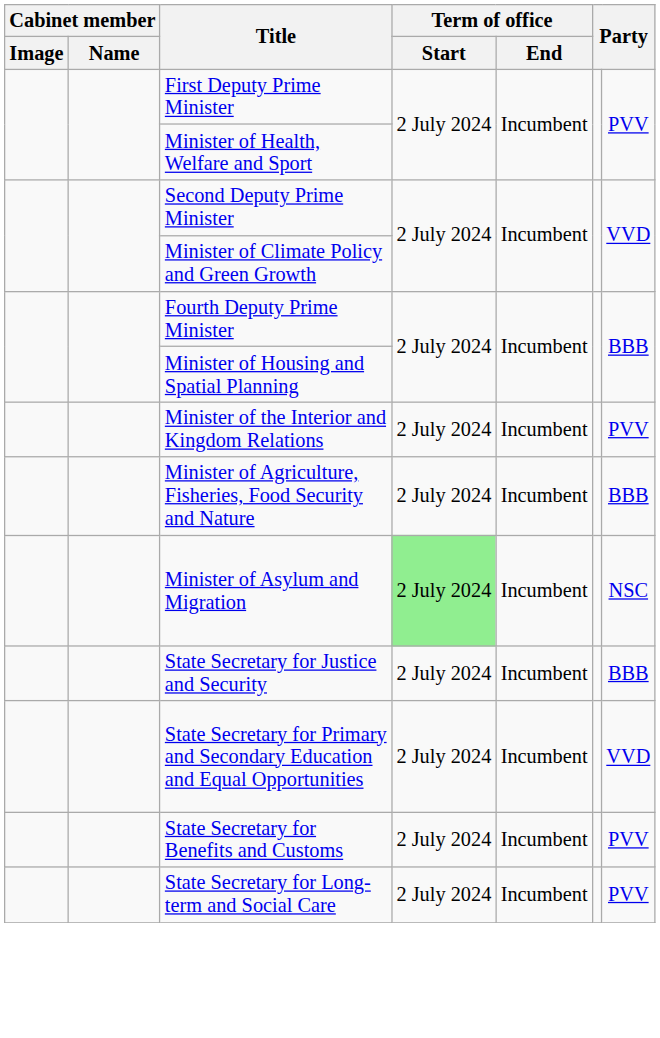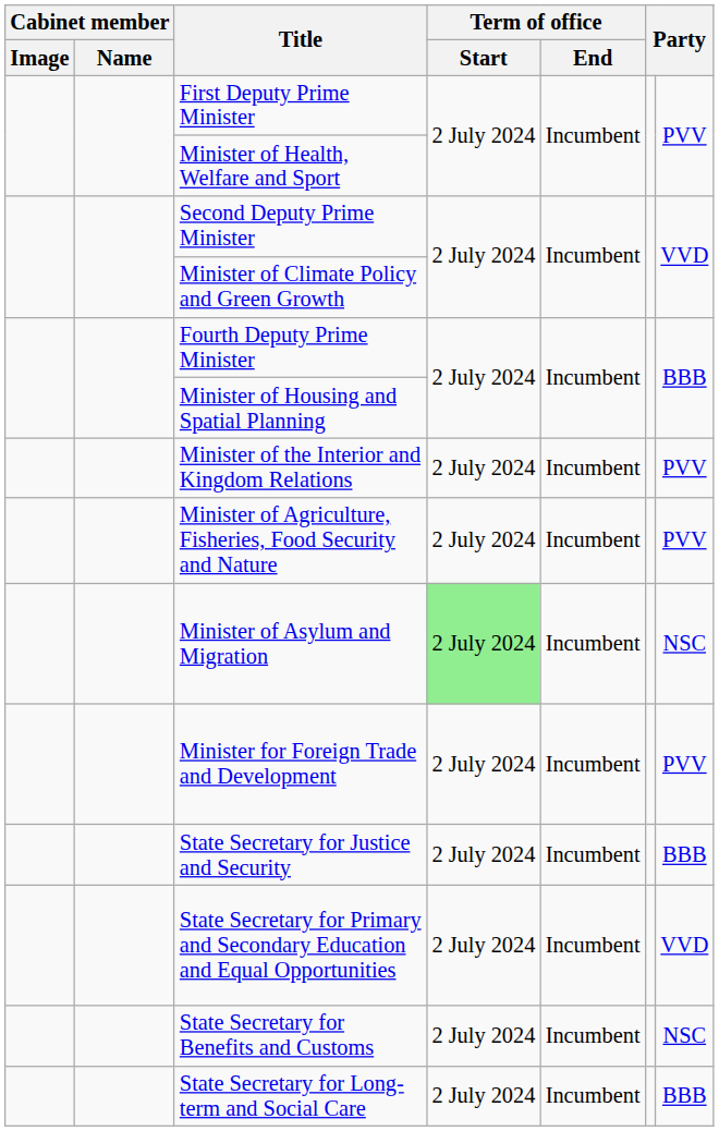 <table class="wikitable sortable" style="text-align:left">
 <tr>
 <th colspan="2">Cabinet member</th>
 <th rowspan="2" width="175px">Title</th>
 <th colspan="2">Term of office</th>
 <th colspan="2" rowspan="2">Party</th>
 </tr>
 <tr>
 <th class="unsortable" width="1px">Image</th>
 <th>Name</th>
 <th>Start</th>
 <th>End</th>
 </tr>
 <tr>
 <td rowspan=2 height="80px"></td>
 <td rowspan=2></td>
 <td><a href='#'>First Deputy Prime Minister</a></td>
 <td rowspan=2 style="text-align:center">2 July 2024</td>
 <td rowspan=2 style="text-align:center">Incumbent</td>
 <td rowspan=2 style="color:inherit;background:"></td>
 <td rowspan=2 style="text-align:center"><a href='#'>PVV</a></td>
 </tr>
 <tr>
 <td><a href='#'>Minister of Health, Welfare and Sport</a></td>
 </tr>
 <tr>
 <td rowspan=2 height="80px"></td>
 <td rowspan=2></td>
 <td><a href='#'>Second Deputy Prime Minister</a></td>
 <td rowspan=2 style="text-align:center">2 July 2024</td>
 <td rowspan=2 style="text-align:center">Incumbent</td>
 <td rowspan=2 style="color:inherit;background:"></td>
 <td rowspan=2 style="text-align:center"><a href='#'>VVD</a></td>
 </tr>
 <tr>
 <td><a href='#'>Minister of Climate Policy and Green Growth</a></td>
 </tr>
 <tr>
 <td rowspan=2 height="80px"></td>
 <td rowspan=2></td>
 <td><a href='#'>Fourth Deputy Prime Minister</a></td>
 <td rowspan=2 style="text-align:center">2 July 2024</td>
 <td rowspan=2 style="text-align:center">Incumbent</td>
 <td rowspan=2 style="color:inherit;background:"></td>
 <td rowspan=2 style="text-align:center"><a href='#'>BBB</a></td>
 </tr>
 <tr>
 <td><a href='#'>Minister of Housing and Spatial Planning</a></td>
 </tr>
 <tr>
 <td></td>
 <td></td>
 <td><a href='#'>Minister of the Interior and Kingdom Relations</a></td>
 <td style="text-align:center">2 July 2024</td>
 <td style="text-align:center">Incumbent</td>
 <td style="color:inherit;background:"></td>
 <td style="text-align:center"><a href='#'>PVV</a></td>
 </tr>
 <tr>
 <td></td>
 <td></td>
 <td><a href='#'>Minister of Agriculture, Fisheries, Food Security and Nature</a></td>
 <td style="text-align:center">2 July 2024</td>
 <td style="text-align:center">Incumbent</td>
 <td style="color:inherit;background:"></td>
-<td style="text-align:center"><a href='#'>BBB</a></td>
+<td style="text-align:center"><a href='#'>PVV</a></td>
 </tr>
 <tr>
 <td height="80px"></td>
 <td></td>
 <td><a href='#'>Minister of Asylum and Migration</a></td>
 <td style="background: lightgreen; text-align:center">2 July 2024</td>
 <td style="text-align:center">Incumbent</td>
 <td style="color:inherit;background:"></td>
 <td style="text-align:center"><a href='#'>NSC</a></td>
+</tr>
+<tr>
+<td height="80px"></td>
+<td></td>
+<td><a href='#'>Minister for Foreign Trade and Development</a></td>
+<td style="text-align:center">2 July 2024</td>
+<td style="text-align:center">Incumbent</td>
+<td style="color:inherit;background:"></td>
+<td style="text-align:center"><a href='#'>PVV</a></td>
 </tr>
 <tr>
 <td></td>
 <td></td>
 <td><a href='#'>State Secretary for Justice and Security</a></td>
 <td style="text-align:center">2 July 2024</td>
 <td style="text-align:center">Incumbent</td>
 <td style="color:inherit;background:"></td>
 <td style="text-align:center"><a href='#'>BBB</a></td>
 </tr>
 <tr>
 <td height="80px"></td>
 <td></td>
 <td><a href='#'>State Secretary for Primary and Secondary Education and Equal Opportunities</a></td>
 <td style="text-align:center">2 July 2024</td>
 <td style="text-align:center">Incumbent</td>
 <td style="color:inherit;background:"></td>
 <td style="text-align:center"><a href='#'>VVD</a></td>
 </tr>
 <tr>
 <td></td>
 <td></td>
 <td><a href='#'>State Secretary for Benefits and Customs</a></td>
 <td style="text-align:center">2 July 2024</td>
 <td style="text-align:center">Incumbent</td>
 <td style="color:inherit;background:"></td>
-<td style="text-align:center"><a href='#'>PVV</a></td>
+<td style="text-align:center"><a href='#'>NSC</a></td>
 </tr>
 <tr>
 <td></td>
 <td></td>
 <td><a href='#'>State Secretary for Long-term and Social Care</a></td>
 <td style="text-align:center">2 July 2024</td>
 <td style="text-align:center">Incumbent</td>
 <td style="color:inherit;background:"></td>
-<td style="text-align:center"><a href='#'>PVV</a></td>
+<td style="text-align:center"><a href='#'>BBB</a></td>
 </tr>
 </table>
